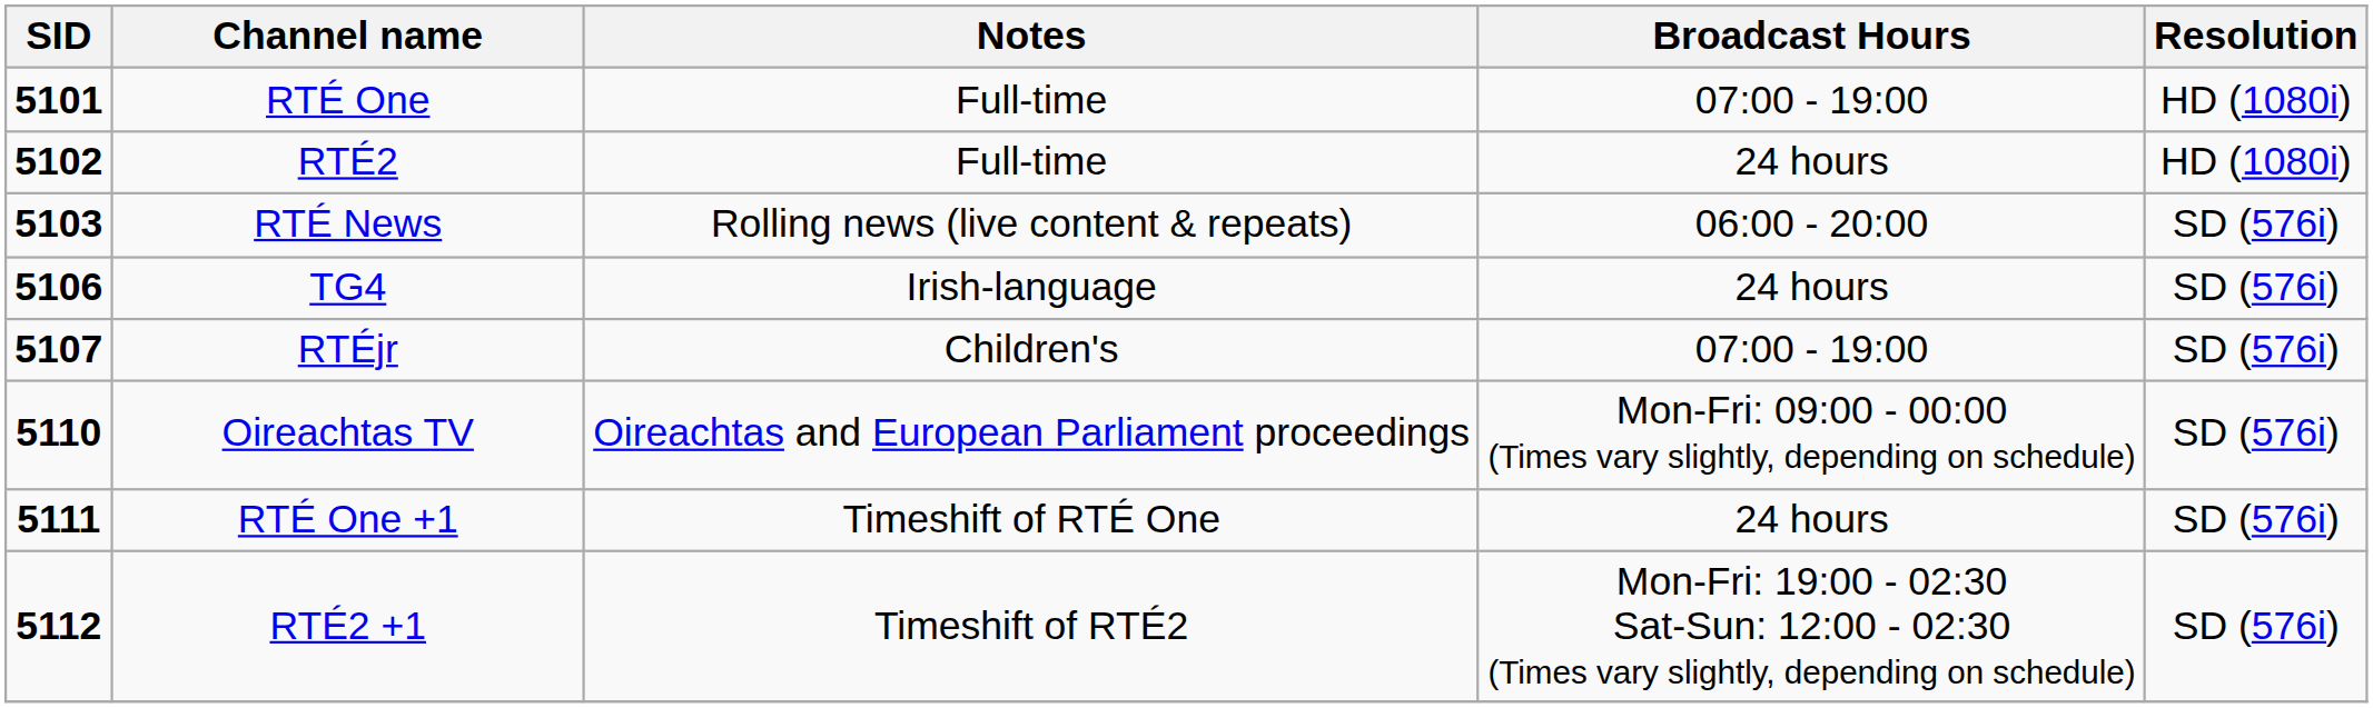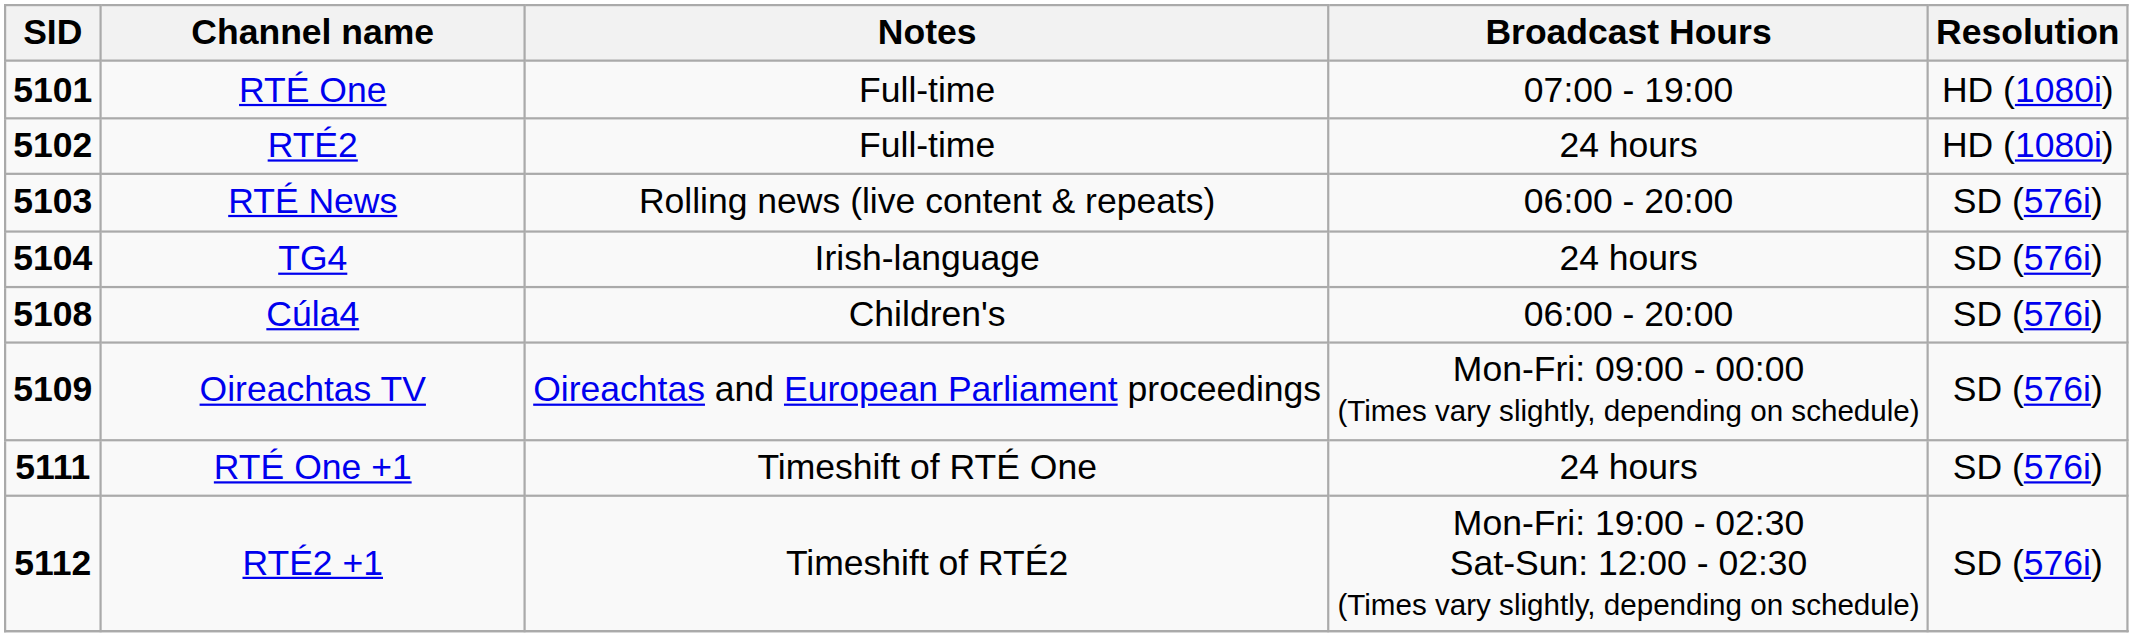 <table class="wikitable sortable" style="text-align:center">
 <tr>
 <th><strong>SID</strong></th>
 <th width="20%">Channel name</th>
 <th>Notes</th>
 <th>Broadcast Hours</th>
 <th>Resolution</th>
 </tr>
 <tr>
 <td><strong>5101</strong></td>
 <td><a href='#'>RTÉ One</a></td>
 <td>Full-time</td>
 <td>07:00 - 19:00</td>
 <td>HD (<a href='#'>1080i</a>)</td>
 </tr>
 <tr>
 <td><strong>5102</strong></td>
 <td><a href='#'>RTÉ2</a></td>
 <td>Full-time</td>
 <td>24 hours</td>
 <td>HD (<a href='#'>1080i</a>)</td>
 </tr>
 <tr>
 <td><strong>5103</strong></td>
 <td><a href='#'>RTÉ News</a></td>
 <td>Rolling news (live content & repeats)</td>
 <td>06:00 - 20:00</td>
 <td>SD (<a href='#'>576i</a>)</td>
 </tr>
 <tr>
-<td><strong>5106</strong></td>
+<td><strong>5104</strong></td>
 <td><a href='#'>TG4</a></td>
 <td>Irish-language</td>
 <td>24 hours</td>
 <td>SD (<a href='#'>576i</a>)</td>
 </tr>
 <tr>
-<td><strong>5107</strong></td>
-<td><a href='#'>RTÉjr</a></td>
+<td><strong>5108</strong></td>
+<td><a href='#'>Cúla4</a></td>
 <td>Children's</td>
-<td>07:00 - 19:00</td>
+<td>06:00 - 20:00</td>
 <td>SD (<a href='#'>576i</a>)</td>
 </tr>
 <tr>
-<td><strong>5110</strong></td>
+<td><strong>5109</strong></td>
 <td><a href='#'>Oireachtas TV</a></td>
 <td><a href='#'>Oireachtas</a> and <a href='#'>European Parliament</a> proceedings</td>
 <td>Mon-Fri: 09:00 - 00:00<br><small>(Times vary slightly, depending on schedule)</small></td>
 <td>SD (<a href='#'>576i</a>)</td>
 </tr>
 <tr>
 <td><strong>5111</strong></td>
 <td><a href='#'>RTÉ One +1</a></td>
 <td>Timeshift of RTÉ One</td>
 <td>24 hours</td>
 <td>SD (<a href='#'>576i</a>)</td>
 </tr>
 <tr>
 <td><strong>5112</strong></td>
 <td><a href='#'>RTÉ2 +1</a></td>
 <td>Timeshift of RTÉ2</td>
 <td>Mon-Fri: 19:00 - 02:30<br>Sat-Sun: 12:00 - 02:30<br><small>(Times vary slightly, depending on schedule)</small></td>
 <td>SD (<a href='#'>576i</a>)</td>
 </tr>
 <tr>
 </tr>
 </table>
